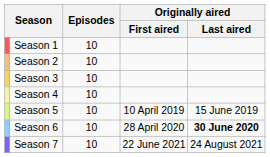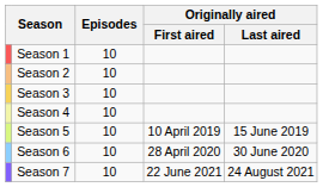 <table class="wikitable" style="text-align: center">
 <tr>
 <th style="padding: 0 16px;" colspan="2" rowspan="2">Season</th>
 <th style="padding: 0 8px;" rowspan="2">Episodes</th>
 <th colspan="2">Originally aired</th>
 </tr>
 <tr>
 <th style="padding: 0 12px;">First aired</th>
 <th>Last aired</th>
 </tr>
 <tr>
 <td style="background:#FA5858; height:10px;"></td>
 <td>Season 1</td>
 <td>10</td>
 <td></td>
 <td></td>
 </tr>
 <tr>
 <td style="background:#F7BE81; height:10px;"></td>
 <td>Season 2</td>
 <td>10</td>
 <td></td>
 <td></td>
 </tr>
 <tr>
 <td style="background:#F7D358; height:10px;"></td>
 <td>Season 3</td>
 <td>10</td>
 <td></td>
 <td></td>
 </tr>
 <tr>
 <td style="background:#F2F5A9; height:10px;"></td>
 <td>Season 4</td>
 <td>10</td>
 <td></td>
 <td></td>
 </tr>
 <tr>
 <td style="background:#D8F781; height:10px;"></td>
 <td>Season 5</td>
 <td>10</td>
 <td>10 April 2019</td>
 <td>15 June 2019</td>
 </tr>
 <tr>
 <td style="background:#8BCFFF; height:10px;"></td>
 <td>Season 6</td>
 <td>10</td>
 <td>28 April 2020</td>
-<td><strong>30 June 2020</strong></td>
+<td>30 June 2020</td>
 </tr>
 <tr>
 <td style="background:#8160FD; height:10px;"></td>
 <td>Season 7</td>
 <td>10</td>
 <td>22 June 2021</td>
 <td>24 August 2021</td>
 </tr>
 </table>
